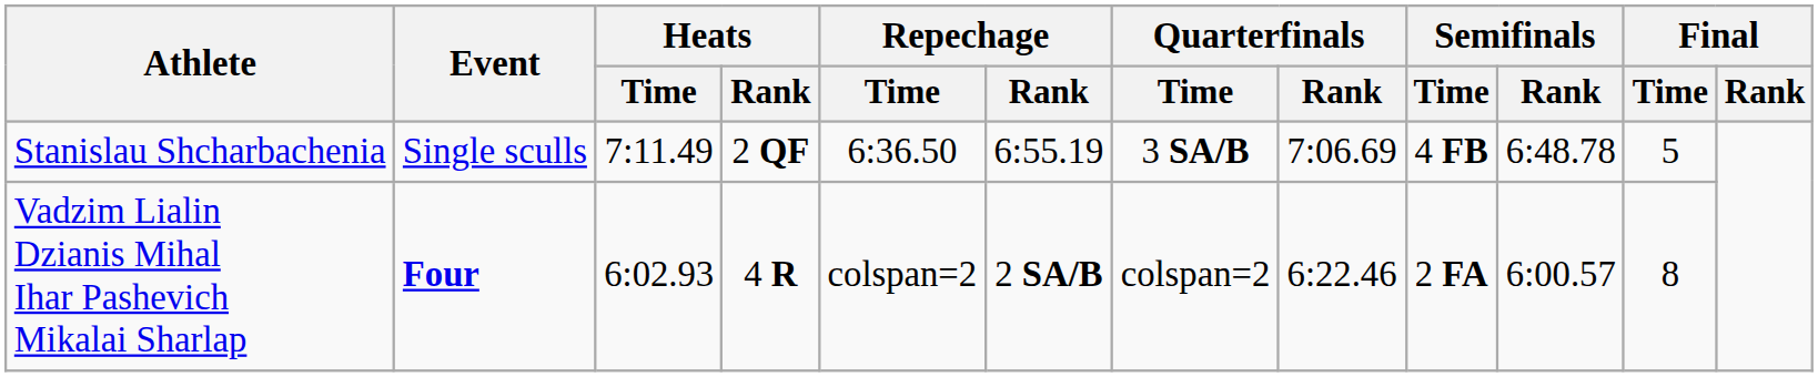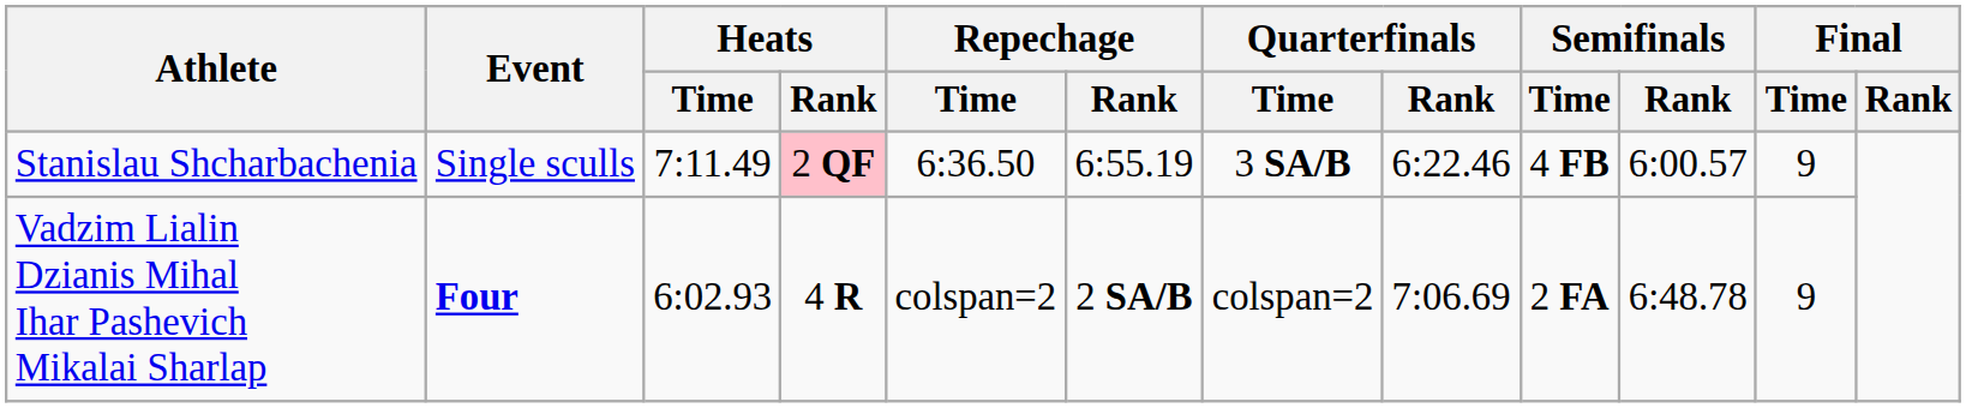 <table class="wikitable" style="font-size:90%">
 <tr>
 <th rowspan="2">Athlete</th>
 <th rowspan="2">Event</th>
 <th colspan="2">Heats</th>
 <th colspan="2">Repechage</th>
 <th colspan="2">Quarterfinals</th>
 <th colspan="2">Semifinals</th>
 <th colspan="2">Final</th>
 </tr>
 <tr style="font-size:95%">
 <th>Time</th>
 <th>Rank</th>
 <th>Time</th>
 <th>Rank</th>
 <th>Time</th>
 <th>Rank</th>
 <th>Time</th>
 <th>Rank</th>
 <th>Time</th>
 <th>Rank</th>
 </tr>
 <tr align=center>
 <td align=left><a href='#'>Stanislau Shcharbachenia</a></td>
 <td align=left><a href='#'>Single sculls</a></td>
 <td>7:11.49</td>
-<td>2 <strong>QF</strong></td>
+<td style="background: pink;">2 <strong>QF</strong></td>
 <td>6:36.50</td>
 <td>6:55.19</td>
 <td>3 <strong>SA/B</strong></td>
-<td>7:06.69</td>
+<td>6:22.46</td>
 <td>4 <strong>FB</strong></td>
-<td>6:48.78</td>
-<td>5</td>
+<td>6:00.57</td>
+<td>9</td>
 </tr>
 <tr align=center>
 <td align=left><a href='#'>Vadzim Lialin</a><br><a href='#'>Dzianis Mihal</a><br><a href='#'>Ihar Pashevich</a><br><a href='#'>Mikalai Sharlap</a></td>
 <td align=left><strong><a href='#'>Four</a></strong></td>
 <td>6:02.93</td>
 <td>4 <strong>R</strong></td>
 <td>colspan=2 </td>
 <td>2 <strong>SA/B</strong></td>
 <td>colspan=2 </td>
-<td>6:22.46</td>
+<td>7:06.69</td>
 <td>2 <strong>FA</strong></td>
-<td>6:00.57</td>
-<td>8</td>
+<td>6:48.78</td>
+<td>9</td>
 </tr>
 </table>
